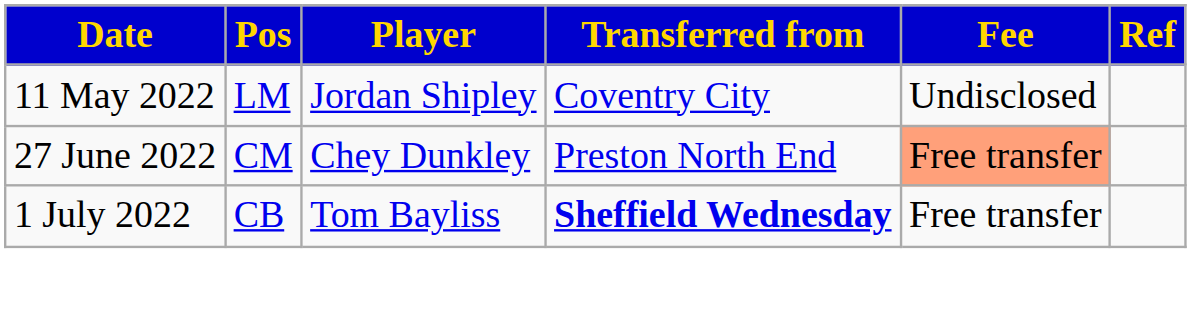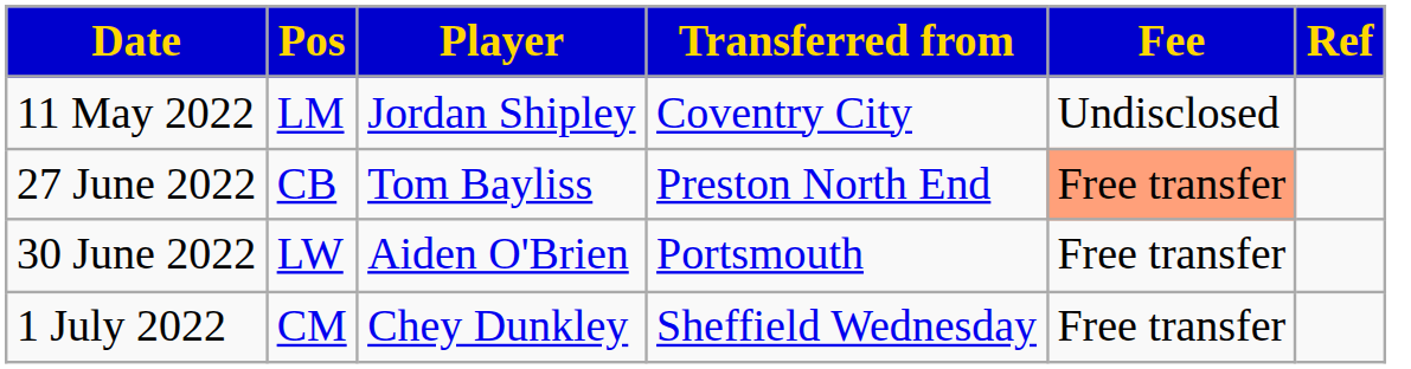 <table class="wikitable plainrowheaders sortable">
 <tr>
 <th style="background:#0000CD; color:#FFD700; ">Date</th>
 <th style="background:#0000CD; color:#FFD700; ">Pos</th>
 <th style="background:#0000CD; color:#FFD700; ">Player</th>
 <th style="background:#0000CD; color:#FFD700; ">Transferred from</th>
 <th style="background:#0000CD; color:#FFD700; ">Fee</th>
 <th style="background:#0000CD; color:#FFD700; ">Ref</th>
 </tr>
 <tr>
 <td>11 May 2022</td>
 <td><a href='#'>LM</a></td>
 <td> <a href='#'>Jordan Shipley</a></td>
 <td> <a href='#'>Coventry City</a></td>
 <td>Undisclosed</td>
 <td></td>
 </tr>
 <tr>
 <td>27 June 2022</td>
-<td><a href='#'>CM</a></td>
-<td> <a href='#'>Chey Dunkley</a></td>
+<td><a href='#'>CB</a></td>
+<td> <a href='#'>Tom Bayliss</a></td>
 <td> <a href='#'>Preston North End</a></td>
 <td style="background: lightsalmon;">Free transfer</td>
 <td></td>
 </tr>
 <tr>
+<td>30 June 2022</td>
+<td><a href='#'>LW</a></td>
+<td> <a href='#'>Aiden O'Brien</a></td>
+<td> <a href='#'>Portsmouth</a></td>
+<td>Free transfer</td>
+<td></td>
+</tr>
+<tr>
 <td>1 July 2022</td>
-<td><a href='#'>CB</a></td>
-<td> <a href='#'>Tom Bayliss</a></td>
-<td><strong> <a href='#'>Sheffield Wednesday</a></strong></td>
+<td><a href='#'>CM</a></td>
+<td> <a href='#'>Chey Dunkley</a></td>
+<td> <a href='#'>Sheffield Wednesday</a></td>
 <td>Free transfer</td>
 <td></td>
 </tr>
 </table>
